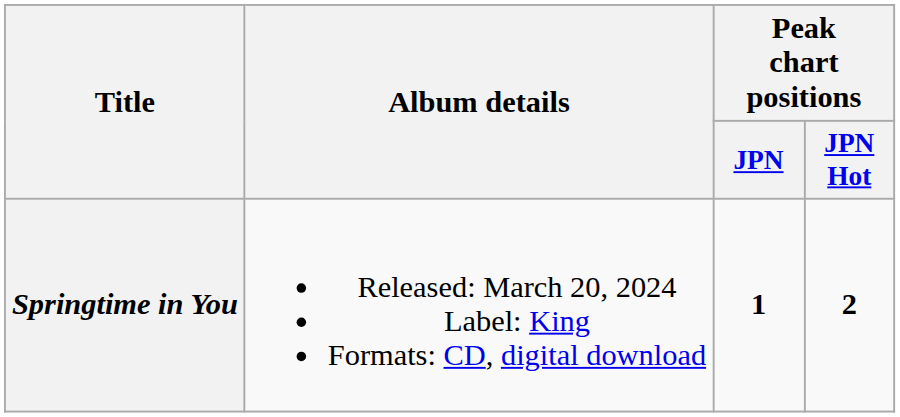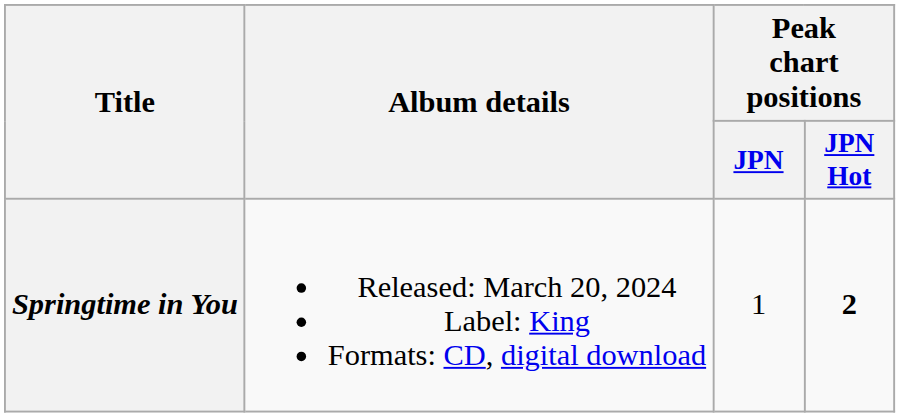 <table class="wikitable plainrowheaders" style="text-align:center;">
 <tr>
 <th scope="col" rowspan="2">Title</th>
 <th scope="col" rowspan="2">Album details</th>
 <th scope="col" colspan="2">Peak <br> chart <br> positions</th>
 </tr>
 <tr>
 <th scope="col" style="font-size:90%; width:2.85em"><a href='#'>JPN</a><br></th>
 <th scope="col" style="font-size:90%; width:2.85em"><a href='#'>JPN Hot</a><br></th>
 </tr>
 <tr>
 <th scope="row"><em>Springtime in You</em></th>
 <td><br><ul><li>Released: March 20, 2024</li><li>Label: <a href='#'>King</a></li><li>Formats: <a href='#'>CD</a>, <a href='#'>digital download</a></li></ul></td>
-<td><strong>1</strong></td>
+<td>1</td>
 <td><strong>2</strong></td>
 </tr>
 </table>
